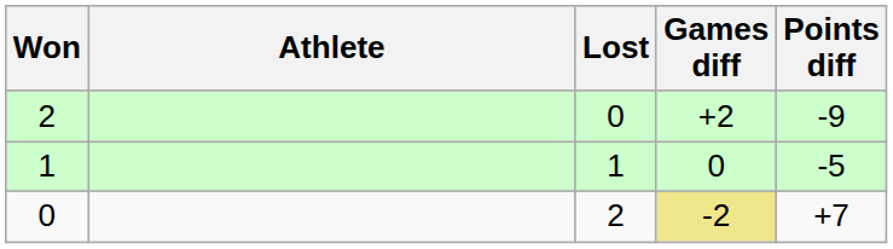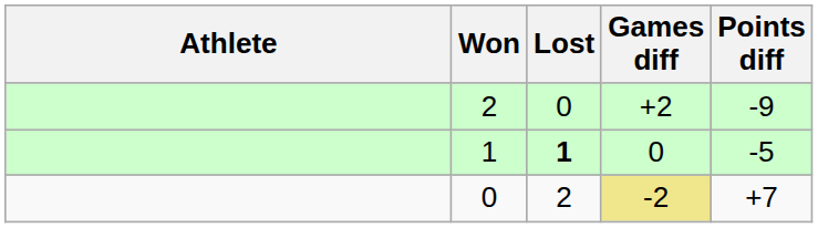 <table class="wikitable">
 <tr>
+<th style="width:15em">Athlete</th>
 <th>Won</th>
-<th style="width:15em">Athlete</th>
 <th>Lost</th>
 <th>Games<br>diff</th>
 <th>Points<br>diff</th>
 </tr>
 <tr bgcolor="#ccffcc">
+<td></td>
 <td align="center">2</td>
-<td></td>
 <td align="center">0</td>
 <td align="center">+2</td>
 <td align="center">-9</td>
 </tr>
 <tr bgcolor="#ccffcc">
-<td align="center">1</td>
 <td></td>
 <td align="center">1</td>
+<td align="center"><strong>1</strong></td>
 <td align="center">0</td>
 <td align="center">-5</td>
 </tr>
 <tr>
+<td></td>
 <td align="center">0</td>
-<td></td>
 <td align="center">2</td>
 <td align="center" style="background: khaki;">-2</td>
 <td align="center">+7</td>
 </tr>
 </table>
